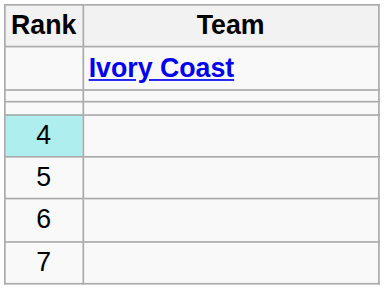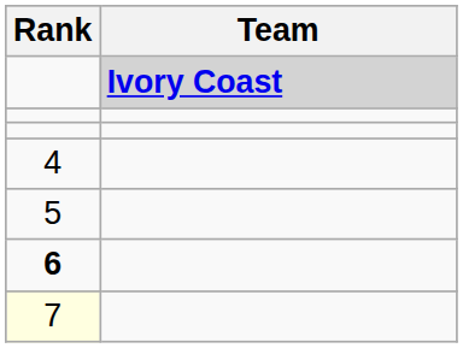 <table class=wikitable style="text-align:center;">
 <tr>
 <th>Rank</th>
 <th width=170>Team</th>
 </tr>
 <tr>
 <td></td>
-<td align=left> <strong><a href='#'>Ivory Coast</a></strong></td>
+<td align=left style="background: lightgrey;"> <strong><a href='#'>Ivory Coast</a></strong></td>
 </tr>
 <tr>
 <td></td>
 <td align=left></td>
 </tr>
 <tr>
 <td></td>
 <td align=left></td>
 </tr>
 <tr>
-<td style="background: paleturquoise;">4</td>
+<td>4</td>
 <td align=left></td>
 </tr>
 <tr>
 <td>5</td>
 <td align=left></td>
 </tr>
 <tr>
-<td>6</td>
+<td><strong>6</strong></td>
 <td align=left></td>
 </tr>
 <tr>
-<td>7</td>
+<td style="background: lightyellow;">7</td>
 <td align=left></td>
 </tr>
 </table>
